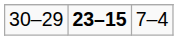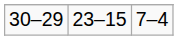 <table class="wikitable">
 <tr>
 </tr>
 <tr>
 <td>30–29</td>
-<td><strong>23–15</strong></td>
+<td>23–15</td>
 <td>7–4</td>
 </tr>
 </table>
